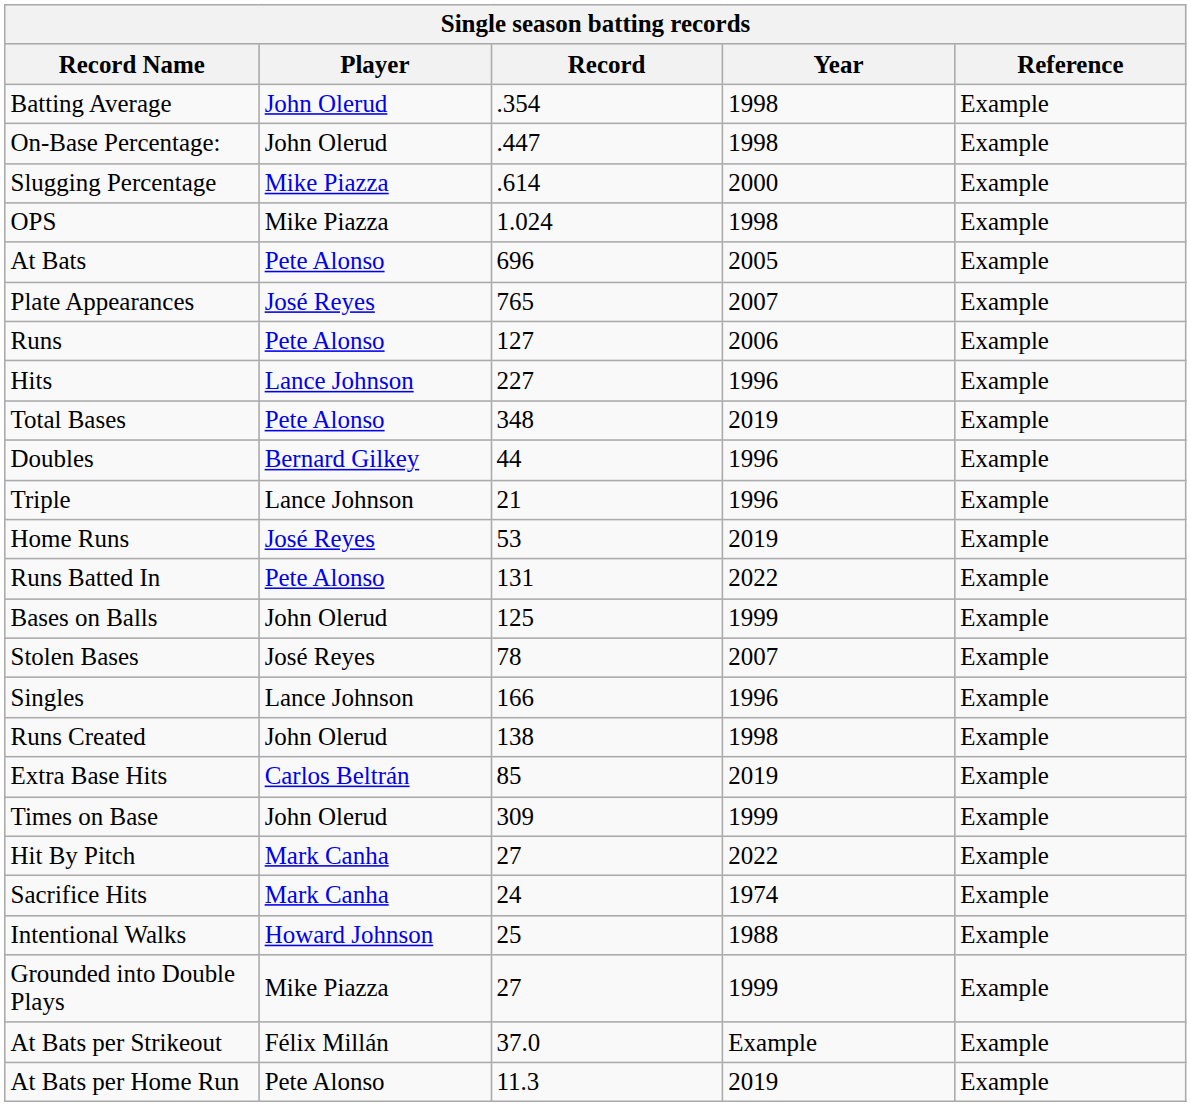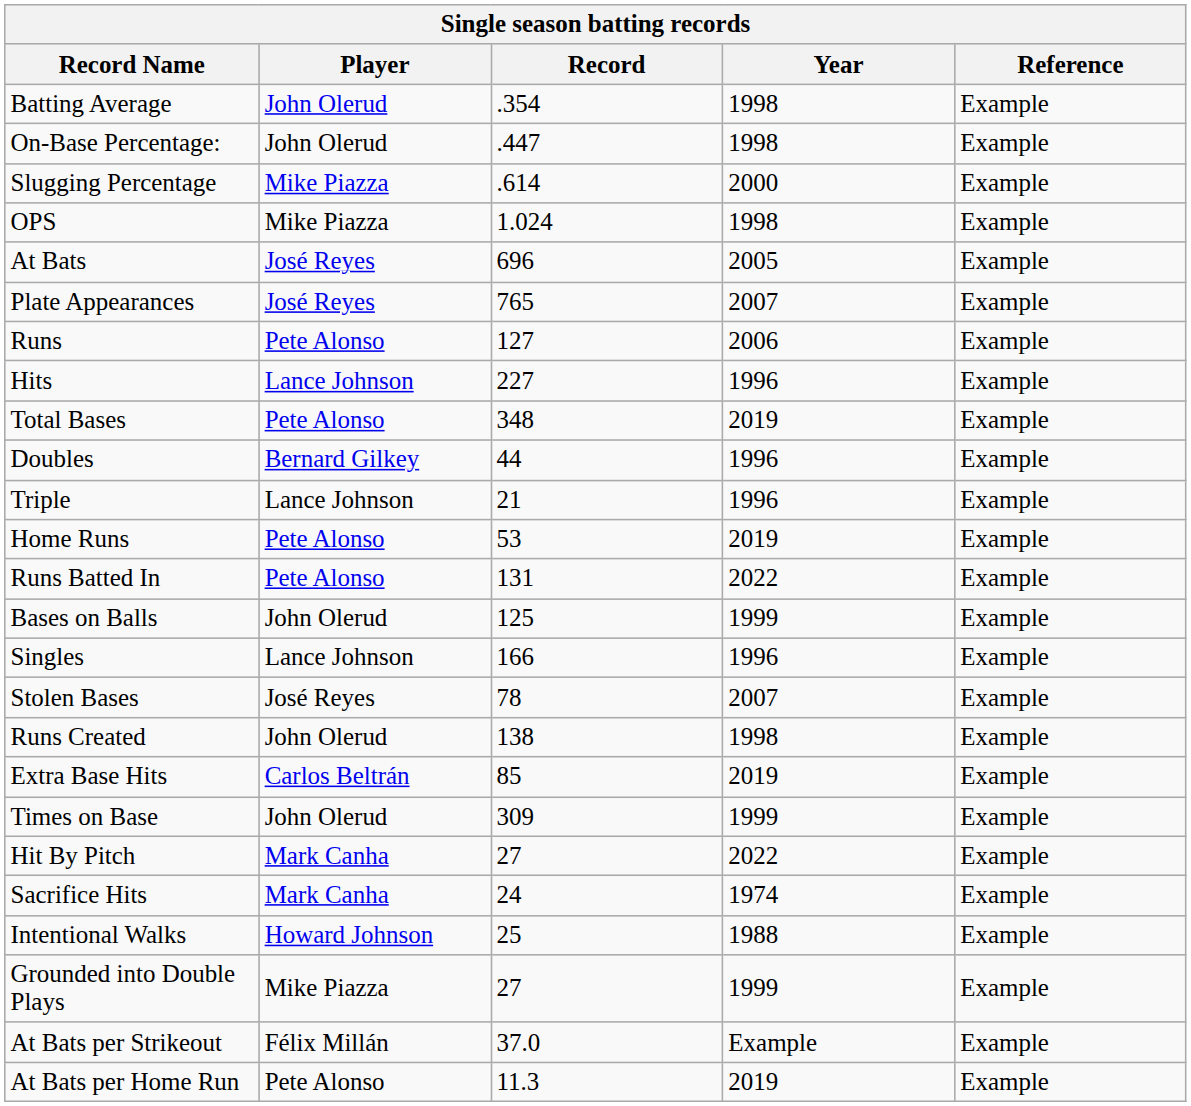 <table class="sortable wikitable" style="text-align:left" width="60%">
 <tr>
 <th colspan=5>Single season batting records</th>
 </tr>
 <tr>
 <th scope="col" width=10%>Record Name</th>
 <th ! scope="col" width=10%>Player</th>
 <th ! scope="col" width=10%>Record</th>
 <th !scope="col" width=10%>Year</th>
 <th !scope="col" width=10%>Reference</th>
 </tr>
 <tr>
 <td>Batting Average</td>
 <td><a href='#'>John Olerud</a></td>
 <td>.354</td>
 <td>1998</td>
 <td>Example</td>
 </tr>
 <tr>
 <td>On-Base Percentage:</td>
 <td>John Olerud</td>
 <td>.447</td>
 <td>1998</td>
 <td>Example</td>
 </tr>
 <tr>
 <td>Slugging Percentage</td>
 <td><a href='#'>Mike Piazza</a></td>
 <td>.614</td>
 <td>2000</td>
 <td>Example</td>
 </tr>
 <tr>
 <td>OPS</td>
 <td>Mike Piazza</td>
 <td>1.024</td>
 <td>1998</td>
 <td>Example</td>
 </tr>
 <tr>
 <td>At Bats</td>
-<td><a href='#'>Pete Alonso</a></td>
+<td><a href='#'>José Reyes</a></td>
 <td>696</td>
 <td>2005</td>
 <td>Example</td>
 </tr>
 <tr>
 <td>Plate Appearances</td>
 <td><a href='#'>José Reyes</a></td>
 <td>765</td>
 <td>2007</td>
 <td>Example</td>
 </tr>
 <tr>
 <td>Runs</td>
 <td><a href='#'>Pete Alonso</a></td>
 <td>127</td>
 <td>2006</td>
 <td>Example</td>
 </tr>
 <tr>
 <td>Hits</td>
 <td><a href='#'>Lance Johnson</a></td>
 <td>227</td>
 <td>1996</td>
 <td>Example</td>
 </tr>
 <tr>
 <td>Total Bases</td>
 <td><a href='#'>Pete Alonso</a></td>
 <td>348</td>
 <td>2019</td>
 <td>Example</td>
 </tr>
 <tr>
 <td>Doubles</td>
 <td><a href='#'>Bernard Gilkey</a></td>
 <td>44</td>
 <td>1996</td>
 <td>Example</td>
 </tr>
 <tr>
 <td>Triple</td>
 <td>Lance Johnson</td>
 <td>21</td>
 <td>1996</td>
 <td>Example</td>
 </tr>
 <tr>
 <td>Home Runs</td>
-<td><a href='#'>José Reyes</a></td>
+<td><a href='#'>Pete Alonso</a></td>
 <td>53</td>
 <td>2019</td>
 <td>Example</td>
 </tr>
 <tr>
 <td>Runs Batted In</td>
 <td><a href='#'>Pete Alonso</a></td>
 <td>131</td>
 <td>2022</td>
 <td>Example</td>
 </tr>
 <tr>
 <td>Bases on Balls</td>
 <td>John Olerud</td>
 <td>125</td>
 <td>1999</td>
 <td>Example</td>
 </tr>
 <tr>
+<td>Singles</td>
+<td>Lance Johnson</td>
+<td>166</td>
+<td>1996</td>
+<td>Example</td>
+</tr>
+<tr>
 <td>Stolen Bases</td>
 <td>José Reyes</td>
 <td>78</td>
 <td>2007</td>
-<td>Example</td>
-</tr>
-<tr>
-<td>Singles</td>
-<td>Lance Johnson</td>
-<td>166</td>
-<td>1996</td>
 <td>Example</td>
 </tr>
 <tr>
 <td>Runs Created</td>
 <td>John Olerud</td>
 <td>138</td>
 <td>1998</td>
 <td>Example</td>
 </tr>
 <tr>
 <td>Extra Base Hits</td>
 <td><a href='#'>Carlos Beltrán</a></td>
 <td>85</td>
 <td>2019</td>
 <td>Example</td>
 </tr>
 <tr>
 <td>Times on Base</td>
 <td>John Olerud</td>
 <td>309</td>
 <td>1999</td>
 <td>Example</td>
 </tr>
 <tr>
 <td>Hit By Pitch</td>
 <td><a href='#'>Mark Canha</a></td>
 <td>27</td>
 <td>2022</td>
 <td>Example</td>
 </tr>
 <tr>
 <td>Sacrifice Hits</td>
 <td><a href='#'>Mark Canha</a></td>
 <td>24</td>
 <td>1974</td>
 <td>Example</td>
 </tr>
 <tr>
 <td>Intentional Walks</td>
 <td><a href='#'>Howard Johnson</a></td>
 <td>25</td>
 <td>1988</td>
 <td>Example</td>
 </tr>
 <tr>
 <td>Grounded into Double Plays</td>
 <td>Mike Piazza</td>
 <td>27</td>
 <td>1999</td>
 <td>Example</td>
 </tr>
 <tr>
 <td>At Bats per Strikeout</td>
 <td>Félix Millán</td>
 <td>37.0</td>
 <td>Example</td>
 <td>Example</td>
 </tr>
 <tr>
 <td>At Bats per Home Run</td>
 <td>Pete Alonso</td>
 <td>11.3</td>
 <td>2019</td>
 <td>Example</td>
 </tr>
 <tr>
 </tr>
 </table>
